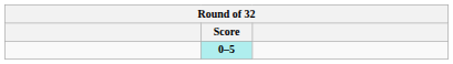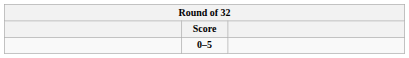 <table class="wikitable" style="text-align: center; font-size:90% ">
 <tr>
 <th colspan=3>Round of 32</th>
 </tr>
 <tr>
 <th width="250"></th>
 <th width="60">Score</th>
 <th width="250"></th>
 </tr>
 <tr>
 <td align=left></td>
-<td style="background: paleturquoise;"><strong>0–5</strong></td>
+<td><strong>0–5</strong></td>
 <td align=left><strong></strong></td>
 </tr>
 </table>
